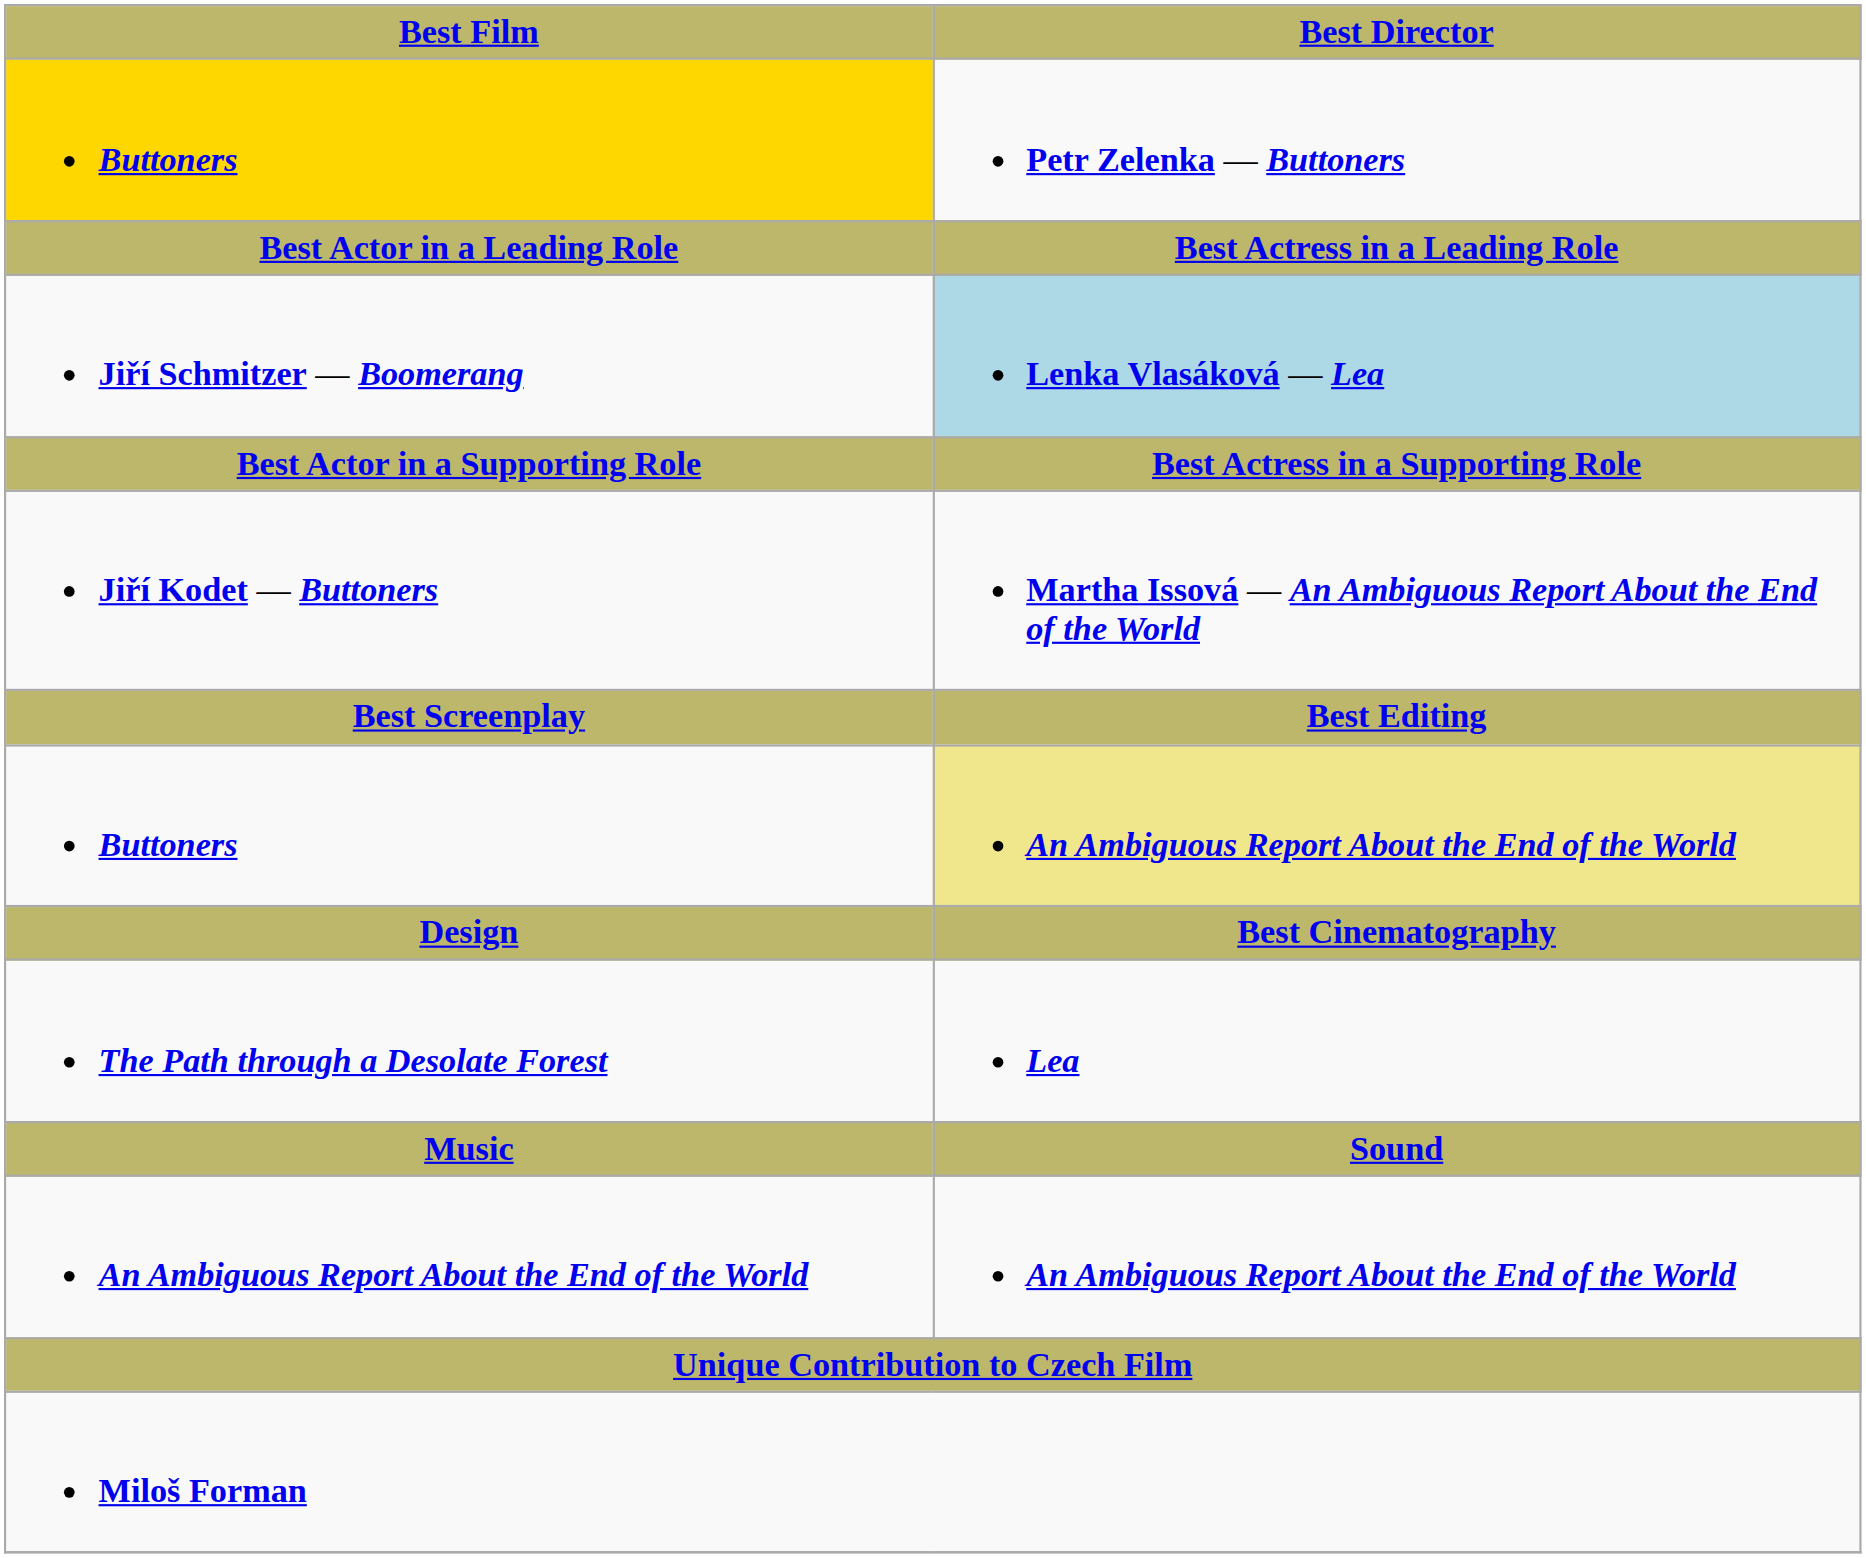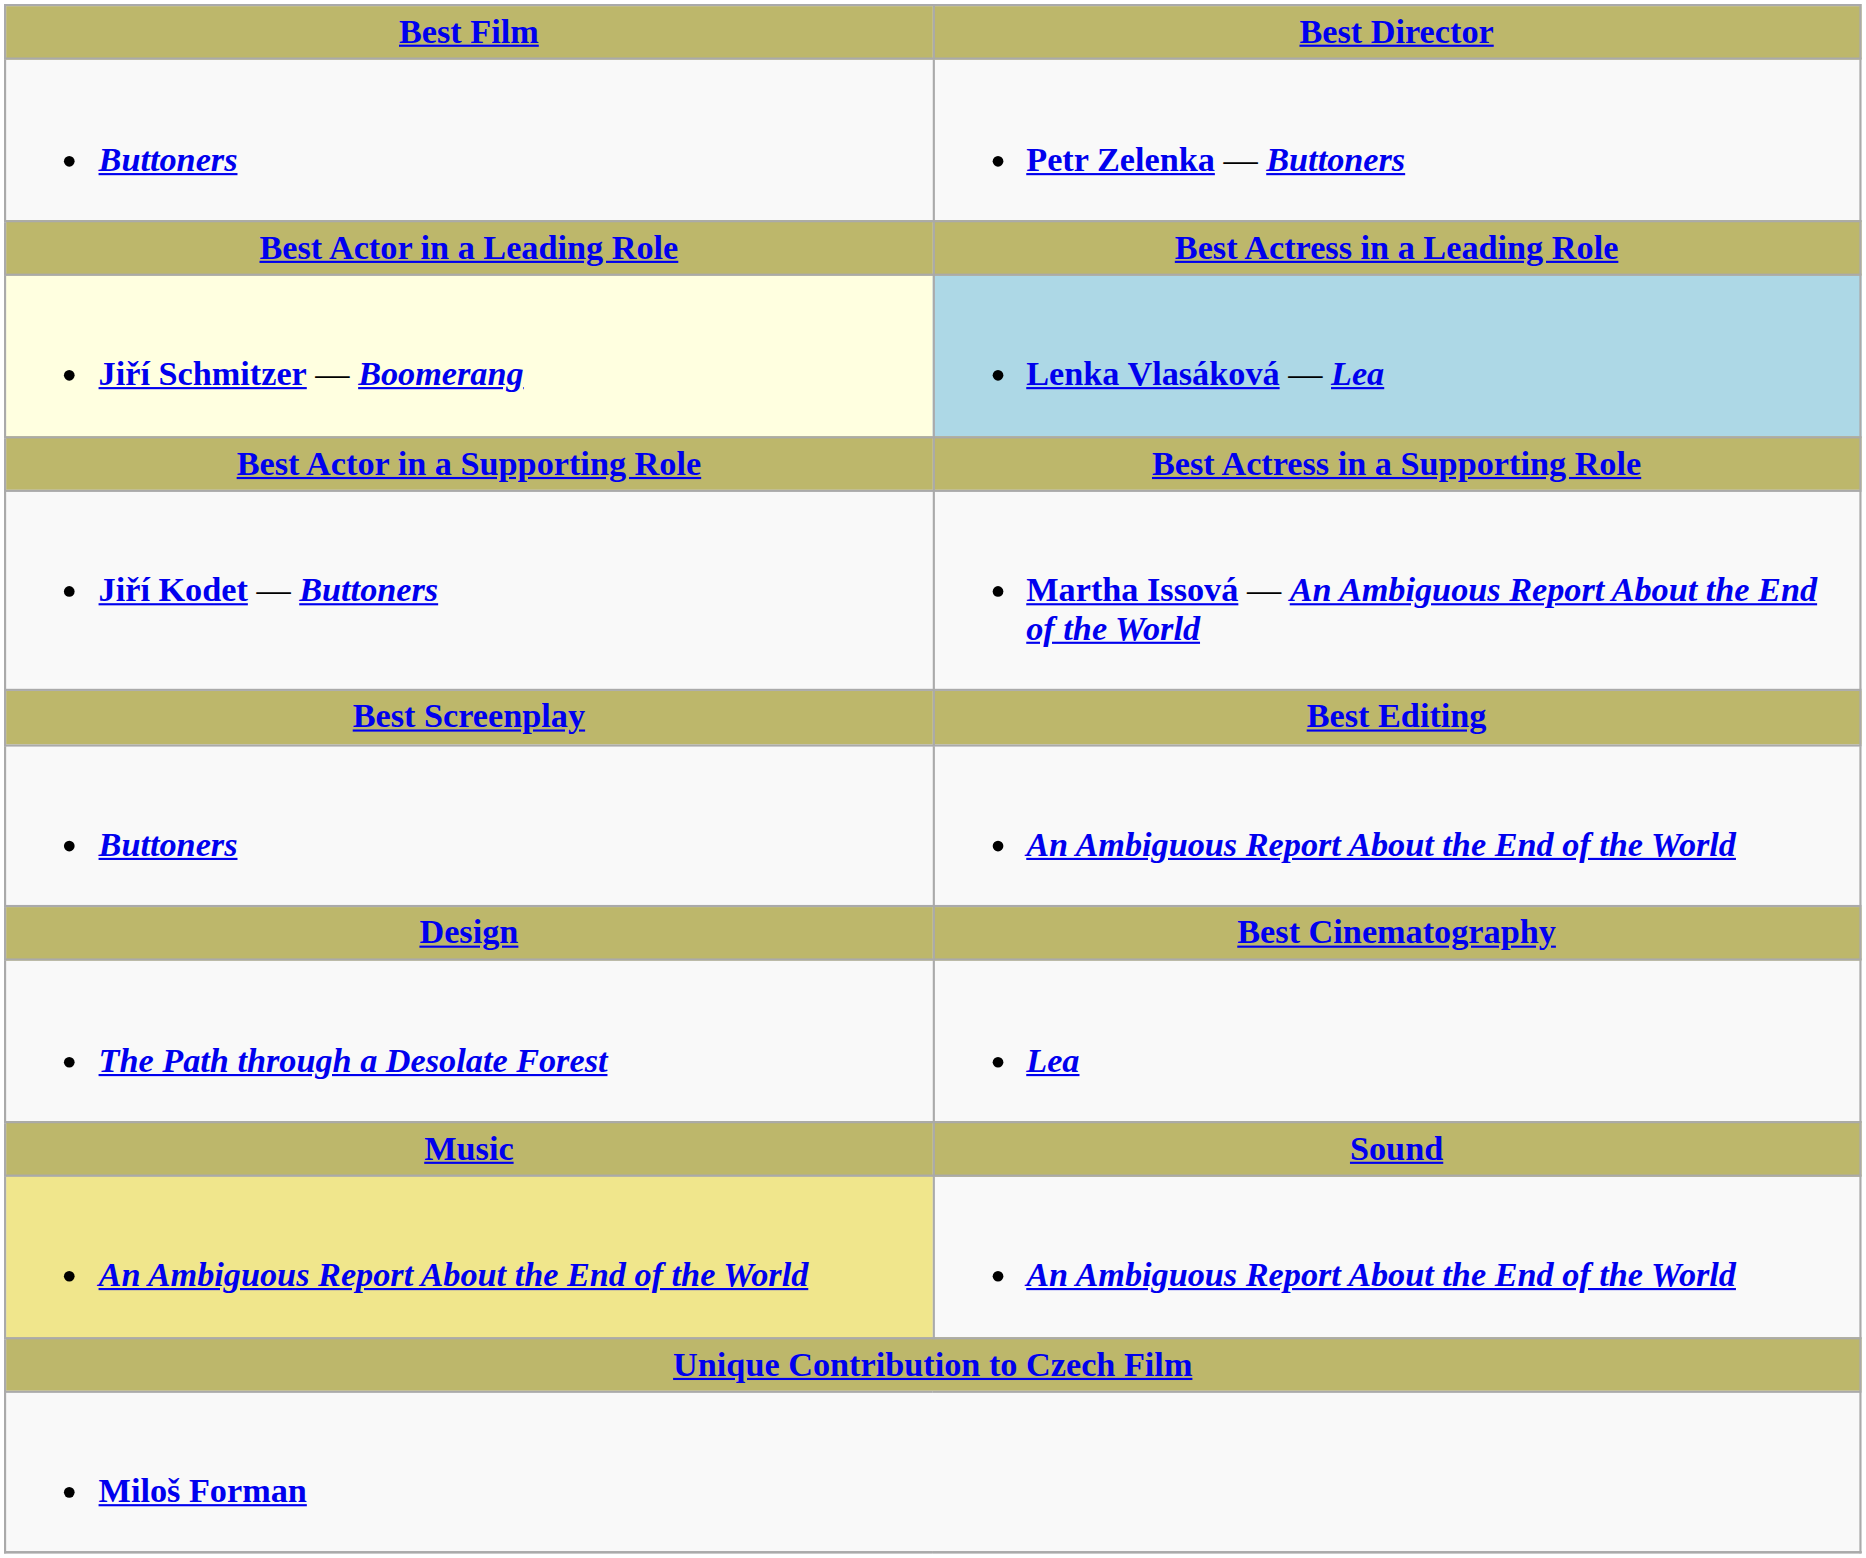 <table class=wikitable>
 <tr>
 <th style="background:#BDB76B; width: 50%"><a href='#'>Best Film</a></th>
 <th style="background:#BDB76B; width: 50%"><a href='#'>Best Director</a></th>
 </tr>
 <tr>
-<td valign="top" style="background: gold;"><br><ul><li><strong><em><a href='#'>Buttoners</a></em></strong></li></ul></td>
+<td valign="top"><br><ul><li><strong><em><a href='#'>Buttoners</a></em></strong></li></ul></td>
 <td valign="top"><br><ul><li><strong><a href='#'>Petr Zelenka</a></strong> — <strong><em><a href='#'>Buttoners</a></em></strong></li></ul></td>
 </tr>
 <tr>
 <th style="background:#BDB76B;"><a href='#'>Best Actor in a Leading Role</a></th>
 <th style="background:#BDB76B;"><a href='#'>Best Actress in a Leading Role</a></th>
 </tr>
 <tr>
-<td valign="top"><br><ul><li><strong><a href='#'>Jiří Schmitzer</a></strong> — <strong><em><a href='#'>Boomerang</a></em></strong></li></ul></td>
+<td valign="top" style="background: lightyellow;"><br><ul><li><strong><a href='#'>Jiří Schmitzer</a></strong> — <strong><em><a href='#'>Boomerang</a></em></strong></li></ul></td>
 <td valign="top" style="background: lightblue;"><br><ul><li><strong><a href='#'>Lenka Vlasáková</a></strong> — <strong><em><a href='#'>Lea</a></em></strong></li></ul></td>
 </tr>
 <tr>
 <th style="background:#BDB76B;"><a href='#'>Best Actor in a Supporting Role</a></th>
 <th style="background:#BDB76B;"><a href='#'>Best Actress in a Supporting Role</a></th>
 </tr>
 <tr>
 <td valign="top"><br><ul><li><strong><a href='#'>Jiří Kodet</a></strong> — <strong><em><a href='#'>Buttoners</a></em></strong></li></ul></td>
 <td valign="top"><br><ul><li><strong><a href='#'>Martha Issová</a></strong> — <strong><em><a href='#'>An Ambiguous Report About the End of the World</a></em></strong></li></ul></td>
 </tr>
 <tr>
 <th style="background:#BDB76B;"><a href='#'>Best Screenplay</a></th>
 <th style="background:#BDB76B;"><a href='#'>Best Editing</a></th>
 </tr>
 <tr>
 <td valign="top"><br><ul><li><strong><em><a href='#'>Buttoners</a></em></strong></li></ul></td>
-<td valign="top" style="background: khaki;"><br><ul><li><strong><em><a href='#'>An Ambiguous Report About the End of the World</a></em></strong></li></ul></td>
+<td valign="top"><br><ul><li><strong><em><a href='#'>An Ambiguous Report About the End of the World</a></em></strong></li></ul></td>
 </tr>
 <tr>
 <th style="background:#BDB76B;"><a href='#'>Design</a></th>
 <th style="background:#BDB76B;"><a href='#'>Best Cinematography</a></th>
 </tr>
 <tr>
 <td valign="top"><br><ul><li><strong><em><a href='#'>The Path through a Desolate Forest</a></em></strong></li></ul></td>
 <td valign="top"><br><ul><li><strong><em><a href='#'>Lea</a></em></strong></li></ul></td>
 </tr>
 <tr>
 <th style="background:#BDB76B;"><a href='#'>Music</a></th>
 <th style="background:#BDB76B;"><a href='#'>Sound</a></th>
 </tr>
 <tr>
-<td valign="top"><br><ul><li><strong><em><a href='#'>An Ambiguous Report About the End of the World</a></em></strong></li></ul></td>
+<td valign="top" style="background: khaki;"><br><ul><li><strong><em><a href='#'>An Ambiguous Report About the End of the World</a></em></strong></li></ul></td>
 <td valign="top"><br><ul><li><strong><em><a href='#'>An Ambiguous Report About the End of the World</a></em></strong></li></ul></td>
 </tr>
 <tr>
 <th style="background:#BDB76B;" colspan="2"><a href='#'>Unique Contribution to Czech Film</a></th>
 </tr>
 <tr>
 <td valign="top" colspan="2"><br><ul><li><strong><a href='#'>Miloš Forman</a></strong></li></ul></td>
 </tr>
 <tr>
 </tr>
 </table>
